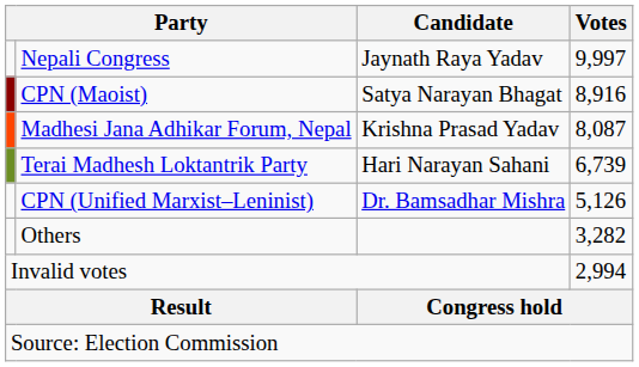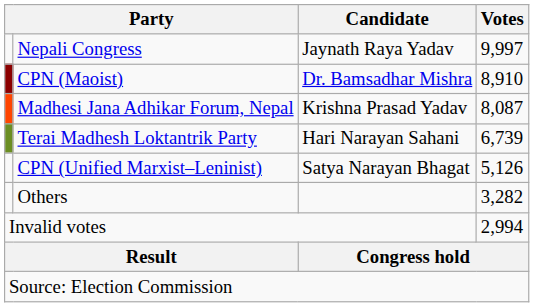 <table class="wikitable">
 <tr>
 <th colspan="2">Party</th>
 <th>Candidate</th>
 <th>Votes</th>
 </tr>
 <tr>
 <td style="background-color:"></td>
 <td><a href='#'>Nepali Congress</a></td>
 <td>Jaynath Raya Yadav</td>
 <td>9,997</td>
 </tr>
 <tr>
 <td style="background-color:darkred"></td>
 <td><a href='#'>CPN (Maoist)</a></td>
-<td>Satya Narayan Bhagat</td>
-<td>8,916</td>
+<td><a href='#'>Dr. Bamsadhar Mishra</a></td>
+<td>8,910</td>
 </tr>
 <tr>
 <td style="background-color:orangered"></td>
 <td><a href='#'>Madhesi Jana Adhikar Forum, Nepal</a></td>
 <td>Krishna Prasad Yadav</td>
 <td>8,087</td>
 </tr>
 <tr>
 <td style="background-color:olivedrab"></td>
 <td><a href='#'>Terai Madhesh Loktantrik Party</a></td>
 <td>Hari Narayan Sahani</td>
 <td>6,739</td>
 </tr>
 <tr>
 <td style="background-color:"></td>
 <td><a href='#'>CPN (Unified Marxist–Leninist)</a></td>
-<td><a href='#'>Dr. Bamsadhar Mishra</a></td>
+<td>Satya Narayan Bhagat</td>
 <td>5,126</td>
 </tr>
 <tr>
 <td></td>
 <td>Others</td>
 <td></td>
 <td>3,282</td>
 </tr>
 <tr>
 <td colspan="3">Invalid votes</td>
 <td>2,994</td>
 </tr>
 <tr>
 <th colspan="2">Result</th>
 <th colspan="2">Congress hold</th>
 </tr>
 <tr>
 <td colspan="4">Source: Election Commission</td>
 </tr>
 </table>
